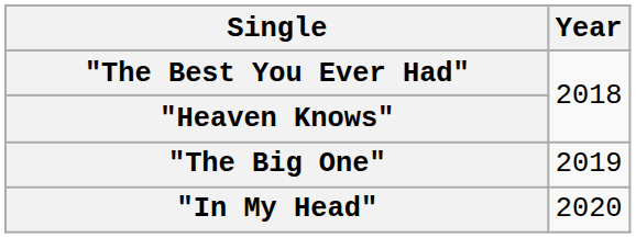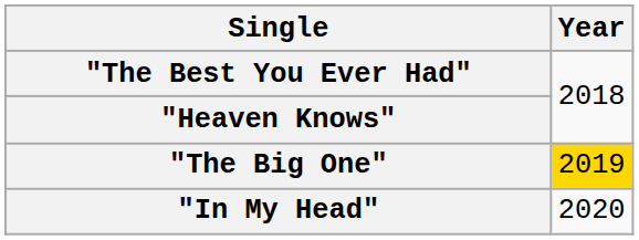 <table class="wikitable plainrowheaders" style="text-align:center;">
 <tr>
 <th scope="col" rowspan="1" style="width:19em;">Single</th>
 <th scope="col" rowspan="1" style="width:1em;">Year</th>
 </tr>
 <tr>
 <th scope="row">"The Best You Ever Had"</th>
 <td rowspan="2">2018</td>
 </tr>
 <tr>
 <th scope="row">"Heaven Knows"</th>
 </tr>
 <tr>
 <th scope="row">"The Big One"</th>
-<td>2019</td>
+<td style="background: gold;">2019</td>
 </tr>
 <tr>
 <th scope="row">"In My Head"</th>
 <td>2020</td>
 </tr>
 </table>
